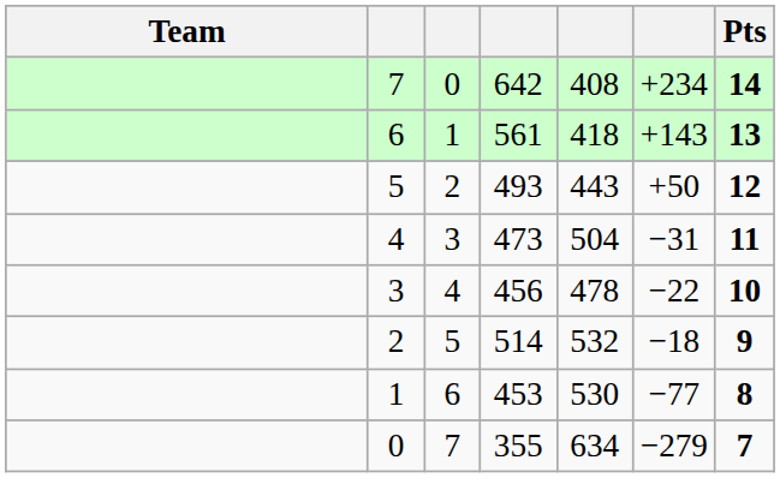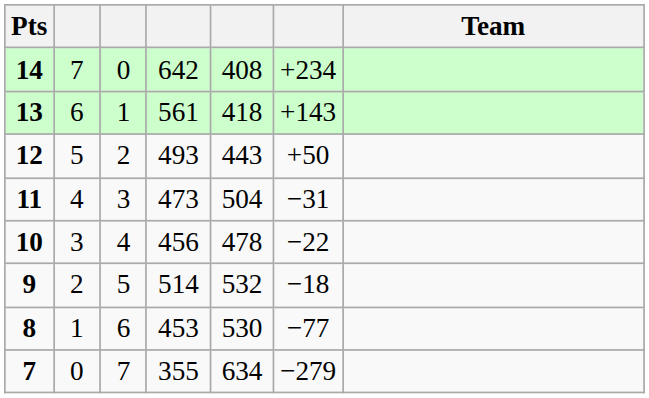 <table class="wikitable" style="text-align:center;">
 <tr>
-<th width=170>Team</th>
+<th width=20>Pts</th>
 <th width=20></th>
 <th width=20></th>
 <th width=30></th>
 <th width=30></th>
 <th width=30></th>
-<th width=20>Pts</th>
+<th width=170>Team</th>
 </tr>
 <tr bgcolor="#ccffcc">
-<td align=left></td>
+<td><strong>14</strong></td>
 <td>7</td>
 <td>0</td>
 <td>642</td>
 <td>408</td>
 <td>+234</td>
-<td><strong>14</strong></td>
+<td align=left></td>
 </tr>
 <tr bgcolor="#ccffcc">
-<td align=left></td>
+<td><strong>13</strong></td>
 <td>6</td>
 <td>1</td>
 <td>561</td>
 <td>418</td>
 <td>+143</td>
-<td><strong>13</strong></td>
+<td align=left></td>
 </tr>
 <tr>
-<td align=left></td>
+<td><strong>12</strong></td>
 <td>5</td>
 <td>2</td>
 <td>493</td>
 <td>443</td>
 <td>+50</td>
-<td><strong>12</strong></td>
+<td align=left></td>
 </tr>
 <tr>
-<td align=left></td>
+<td><strong>11</strong></td>
 <td>4</td>
 <td>3</td>
 <td>473</td>
 <td>504</td>
 <td>−31</td>
-<td><strong>11</strong></td>
+<td align=left></td>
 </tr>
 <tr>
-<td align=left></td>
+<td><strong>10</strong></td>
 <td>3</td>
 <td>4</td>
 <td>456</td>
 <td>478</td>
 <td>−22</td>
-<td><strong>10</strong></td>
+<td align=left></td>
 </tr>
 <tr>
-<td align=left></td>
+<td><strong>9</strong></td>
 <td>2</td>
 <td>5</td>
 <td>514</td>
 <td>532</td>
 <td>−18</td>
-<td><strong>9</strong></td>
+<td align=left></td>
 </tr>
 <tr>
-<td align=left></td>
+<td><strong>8</strong></td>
 <td>1</td>
 <td>6</td>
 <td>453</td>
 <td>530</td>
 <td>−77</td>
-<td><strong>8</strong></td>
+<td align=left></td>
 </tr>
 <tr>
-<td align=left></td>
+<td><strong>7</strong></td>
 <td>0</td>
 <td>7</td>
 <td>355</td>
 <td>634</td>
 <td>−279</td>
-<td><strong>7</strong></td>
+<td align=left></td>
 </tr>
 </table>
